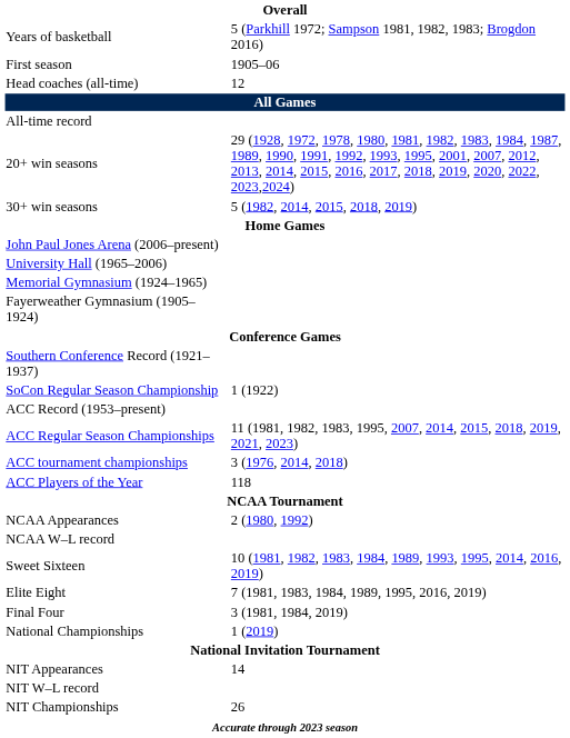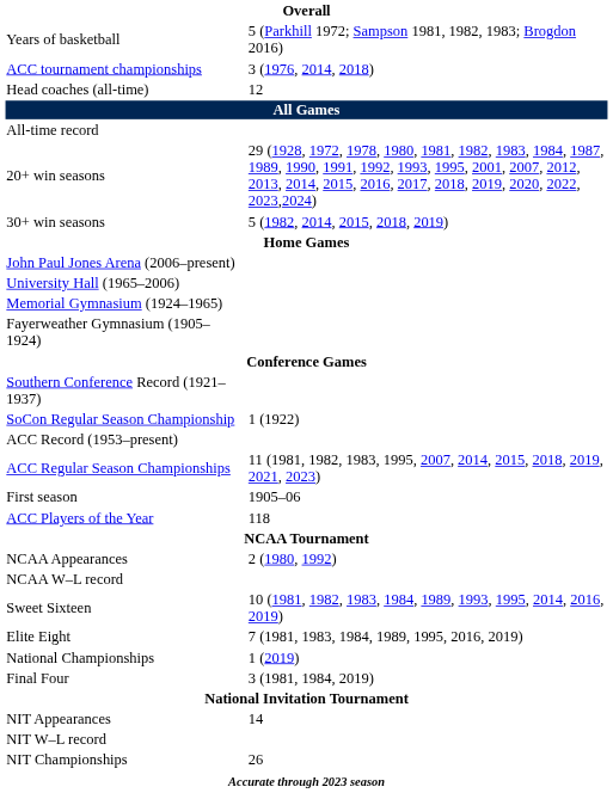 <table style="width:650px;" class="toccolours">
 <tr>
 <th colspan="2">Overall</th>
 </tr>
 <tr>
 <td style="width:40%;">Years of basketball</td>
 <td>5 (<a href='#'>Parkhill</a> 1972; <a href='#'>Sampson</a> 1981, 1982, 1983; <a href='#'>Brogdon</a> 2016)</td>
 </tr>
 <tr>
-<td>First season</td>
-<td>1905–06</td>
+<td><a href='#'>ACC tournament championships</a></td>
+<td>3 (<a href='#'>1976</a>, <a href='#'>2014</a>, <a href='#'>2018</a>)</td>
 </tr>
 <tr>
 <td>Head coaches (all-time)</td>
 <td>12</td>
 </tr>
 <tr>
 <th colspan="2" style="background:#002654; color:white;">All Games</th>
 </tr>
 <tr>
 <td>All-time record</td>
 <td></td>
 </tr>
 <tr>
 <td>20+ win seasons</td>
 <td>29 (<a href='#'>1928</a>, <a href='#'>1972</a>, <a href='#'>1978</a>, <a href='#'>1980</a>, <a href='#'>1981</a>, <a href='#'>1982</a>, <a href='#'>1983</a>, <a href='#'>1984</a>, <a href='#'>1987</a>, <a href='#'>1989</a>, <a href='#'>1990</a>, <a href='#'>1991</a>, <a href='#'>1992</a>, <a href='#'>1993</a>, <a href='#'>1995</a>, <a href='#'>2001</a>, <a href='#'>2007</a>, <a href='#'>2012</a>, <a href='#'>2013</a>, <a href='#'>2014</a>, <a href='#'>2015</a>, <a href='#'>2016</a>, <a href='#'>2017</a>, <a href='#'>2018</a>, <a href='#'>2019</a>, <a href='#'>2020</a>, <a href='#'>2022</a>, <a href='#'>2023</a>,<a href='#'>2024</a>)</td>
 </tr>
 <tr>
 <td>30+ win seasons</td>
 <td>5 (<a href='#'>1982</a>, <a href='#'>2014</a>, <a href='#'>2015</a>, <a href='#'>2018</a>, <a href='#'>2019</a>)</td>
 </tr>
 <tr>
 <th colspan="2">Home Games</th>
 </tr>
 <tr>
 <td><a href='#'>John Paul Jones Arena</a> (2006–present)</td>
 <td> </td>
 </tr>
 <tr>
 <td><a href='#'>University Hall</a> (1965–2006)</td>
 <td></td>
 </tr>
 <tr>
 <td><a href='#'>Memorial Gymnasium</a> (1924–1965)</td>
 <td></td>
 </tr>
 <tr>
 <td>Fayerweather Gymnasium (1905–1924)</td>
 <td></td>
 </tr>
 <tr>
 <th colspan="2">Conference Games</th>
 </tr>
 <tr>
 <td><a href='#'>Southern Conference</a> Record (1921–1937)</td>
 <td></td>
 </tr>
 <tr>
 <td><a href='#'>SoCon Regular Season Championship</a></td>
 <td>1 (1922)</td>
 </tr>
 <tr>
 <td>ACC Record (1953–present)</td>
 <td> </td>
 </tr>
 <tr>
 <td><a href='#'>ACC Regular Season Championships</a></td>
 <td>11 (1981, 1982, 1983, 1995, <a href='#'>2007</a>, <a href='#'>2014</a>, <a href='#'>2015</a>, <a href='#'>2018</a>, <a href='#'>2019</a>, <a href='#'>2021</a>, <a href='#'>2023</a>)</td>
 </tr>
 <tr>
-<td><a href='#'>ACC tournament championships</a></td>
-<td>3 (<a href='#'>1976</a>, <a href='#'>2014</a>, <a href='#'>2018</a>)</td>
+<td>First season</td>
+<td>1905–06</td>
 </tr>
 <tr>
 <td><a href='#'>ACC Players of the Year</a></td>
 <td>118</td>
 </tr>
 <tr>
 <th colspan="2">NCAA Tournament</th>
 </tr>
 <tr>
 <td>NCAA Appearances</td>
 <td>2 (<a href='#'>1980</a>, <a href='#'>1992</a>)</td>
 </tr>
 <tr>
 <td>NCAA W–L record</td>
 <td></td>
 </tr>
 <tr>
 <td>Sweet Sixteen</td>
 <td>10 (<a href='#'>1981</a>, <a href='#'>1982</a>, <a href='#'>1983</a>, <a href='#'>1984</a>, <a href='#'>1989</a>, <a href='#'>1993</a>, <a href='#'>1995</a>, <a href='#'>2014</a>, <a href='#'>2016</a>, <a href='#'>2019</a>)</td>
 </tr>
 <tr>
 <td>Elite Eight</td>
 <td>7 (1981, 1983, 1984, 1989, 1995, 2016, 2019)</td>
 </tr>
 <tr>
+<td>National Championships</td>
+<td>1 (<a href='#'>2019</a>)</td>
+</tr>
+<tr>
 <td>Final Four</td>
 <td>3 (1981, 1984, 2019)</td>
-</tr>
-<tr>
-<td>National Championships</td>
-<td>1 (<a href='#'>2019</a>)</td>
 </tr>
 <tr>
 <th colspan="2">National Invitation Tournament</th>
 </tr>
 <tr>
 <td>NIT Appearances</td>
 <td>14</td>
 </tr>
 <tr>
 <td>NIT W–L record</td>
 <td></td>
 </tr>
 <tr>
 <td>NIT Championships</td>
 <td>26</td>
 </tr>
 <tr>
 <th colspan="2"><small><em>Accurate through 2023 season</em></small> </th>
 </tr>
 </table>
